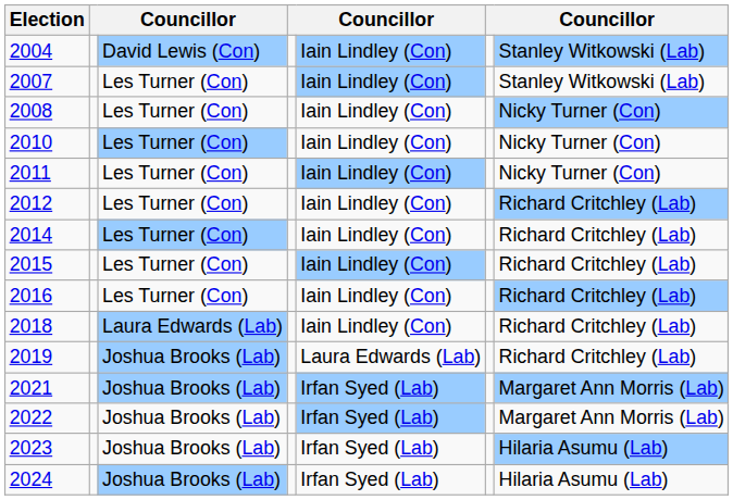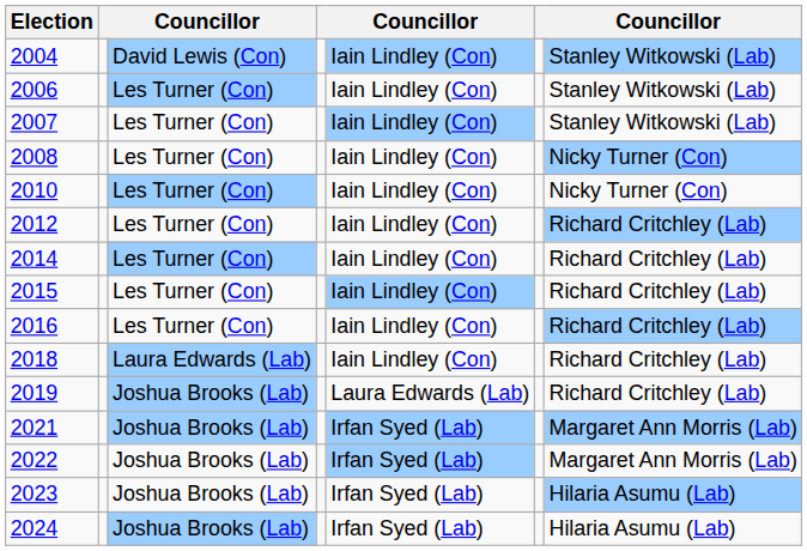 <table class="wikitable">
 <tr>
 <th>Election</th>
 <th colspan="2">Councillor</th>
 <th colspan="2">Councillor</th>
 <th colspan="2">Councillor</th>
 </tr>
 <tr>
 <td><a href='#'>2004</a></td>
 <td style="background-color: "></td>
 <td bgcolor="#99CCFF">David Lewis (<a href='#'>Con</a>)</td>
 <td style="background-color: "></td>
 <td bgcolor="#99CCFF">Iain Lindley (<a href='#'>Con</a>)</td>
 <td style="background-color: "></td>
 <td bgcolor="#99CCFF">Stanley Witkowski (<a href='#'>Lab</a>)</td>
+</tr>
+<tr>
+<td><a href='#'>2006</a></td>
+<td style="background-color: "></td>
+<td bgcolor="#99CCFF">Les Turner (<a href='#'>Con</a>)</td>
+<td style="background-color: "></td>
+<td>Iain Lindley (<a href='#'>Con</a>)</td>
+<td style="background-color: "></td>
+<td>Stanley Witkowski (<a href='#'>Lab</a>)</td>
 </tr>
 <tr>
 <td><a href='#'>2007</a></td>
 <td style="background-color: "></td>
 <td>Les Turner (<a href='#'>Con</a>)</td>
 <td style="background-color: "></td>
 <td bgcolor="#99CCFF">Iain Lindley (<a href='#'>Con</a>)</td>
 <td style="background-color: "></td>
 <td>Stanley Witkowski (<a href='#'>Lab</a>)</td>
 </tr>
 <tr>
 <td><a href='#'>2008</a></td>
 <td style="background-color: "></td>
 <td>Les Turner (<a href='#'>Con</a>)</td>
 <td style="background-color: "></td>
 <td>Iain Lindley (<a href='#'>Con</a>)</td>
 <td style="background-color: "></td>
 <td bgcolor="#99CCFF">Nicky Turner (<a href='#'>Con</a>)</td>
 </tr>
 <tr>
 <td><a href='#'>2010</a></td>
 <td style="background-color: "></td>
 <td bgcolor="#99CCFF">Les Turner (<a href='#'>Con</a>)</td>
 <td style="background-color: "></td>
 <td>Iain Lindley (<a href='#'>Con</a>)</td>
-<td style="background-color: "></td>
-<td>Nicky Turner (<a href='#'>Con</a>)</td>
-</tr>
-<tr>
-<td><a href='#'>2011</a></td>
-<td style="background-color: "></td>
-<td>Les Turner (<a href='#'>Con</a>)</td>
-<td style="background-color: "></td>
-<td bgcolor="#99CCFF">Iain Lindley (<a href='#'>Con</a>)</td>
 <td style="background-color: "></td>
 <td>Nicky Turner (<a href='#'>Con</a>)</td>
 </tr>
 <tr>
 <td><a href='#'>2012</a></td>
 <td style="background-color: "></td>
 <td>Les Turner (<a href='#'>Con</a>)</td>
 <td style="background-color: "></td>
 <td>Iain Lindley (<a href='#'>Con</a>)</td>
 <td style="background-color: "></td>
 <td bgcolor="#99CCFF">Richard Critchley (<a href='#'>Lab</a>)</td>
 </tr>
 <tr>
 <td><a href='#'>2014</a></td>
 <td style="background-color: "></td>
 <td bgcolor="#99CCFF">Les Turner (<a href='#'>Con</a>)</td>
 <td style="background-color: "></td>
 <td>Iain Lindley (<a href='#'>Con</a>)</td>
 <td style="background-color: "></td>
 <td>Richard Critchley (<a href='#'>Lab</a>)</td>
 </tr>
 <tr>
 <td><a href='#'>2015</a></td>
 <td style="background-color: "></td>
 <td>Les Turner (<a href='#'>Con</a>)</td>
 <td style="background-color: "></td>
 <td bgcolor="#99CCFF">Iain Lindley (<a href='#'>Con</a>)</td>
 <td style="background-color: "></td>
 <td>Richard Critchley (<a href='#'>Lab</a>)</td>
 </tr>
 <tr>
 <td><a href='#'>2016</a></td>
 <td style="background-color: "></td>
 <td>Les Turner (<a href='#'>Con</a>)</td>
 <td style="background-color: "></td>
 <td>Iain Lindley (<a href='#'>Con</a>)</td>
 <td style="background-color: "></td>
 <td bgcolor="#99CCFF">Richard Critchley (<a href='#'>Lab</a>)</td>
 </tr>
 <tr>
 <td><a href='#'>2018</a></td>
 <td style="background-color: "></td>
 <td bgcolor="#99CCFF">Laura Edwards (<a href='#'>Lab</a>)</td>
 <td style="background-color: "></td>
 <td>Iain Lindley (<a href='#'>Con</a>)</td>
 <td style="background-color: "></td>
 <td>Richard Critchley (<a href='#'>Lab</a>)</td>
 </tr>
 <tr>
 <td><a href='#'>2019</a></td>
 <td style="background-color: "></td>
 <td bgcolor="#99CCFF">Joshua Brooks (<a href='#'>Lab</a>)</td>
 <td style="background-color: "></td>
 <td>Laura Edwards (<a href='#'>Lab</a>)</td>
 <td style="background-color: "></td>
 <td>Richard Critchley (<a href='#'>Lab</a>)</td>
 </tr>
 <tr>
 <td><a href='#'>2021</a></td>
 <td style="background-color: "></td>
 <td bgcolor="#99CCFF">Joshua Brooks (<a href='#'>Lab</a>)</td>
 <td style="background-color: "></td>
 <td bgcolor="#99CCFF">Irfan Syed (<a href='#'>Lab</a>)</td>
 <td style="background-color: "></td>
 <td bgcolor="#99CCFF">Margaret Ann Morris (<a href='#'>Lab</a>)</td>
 </tr>
 <tr>
 <td><a href='#'>2022</a></td>
 <td style="background-color: "></td>
 <td>Joshua Brooks (<a href='#'>Lab</a>)</td>
 <td style="background-color: "></td>
 <td bgcolor="#99CCFF">Irfan Syed (<a href='#'>Lab</a>)</td>
 <td style="background-color: "></td>
 <td>Margaret Ann Morris (<a href='#'>Lab</a>)</td>
 </tr>
 <tr>
 <td><a href='#'>2023</a></td>
 <td style="background-color: "></td>
 <td>Joshua Brooks (<a href='#'>Lab</a>)</td>
 <td style="background-color: "></td>
 <td>Irfan Syed (<a href='#'>Lab</a>)</td>
 <td style="background-color: "></td>
 <td bgcolor="#99CCFF">Hilaria Asumu (<a href='#'>Lab</a>)</td>
 </tr>
 <tr>
 <td><a href='#'>2024</a></td>
 <td style="background-color: "></td>
 <td bgcolor="#99CCFF">Joshua Brooks (<a href='#'>Lab</a>)</td>
 <td style="background-color: "></td>
 <td>Irfan Syed (<a href='#'>Lab</a>)</td>
 <td style="background-color: "></td>
 <td>Hilaria Asumu (<a href='#'>Lab</a>)</td>
 </tr>
 </table>
